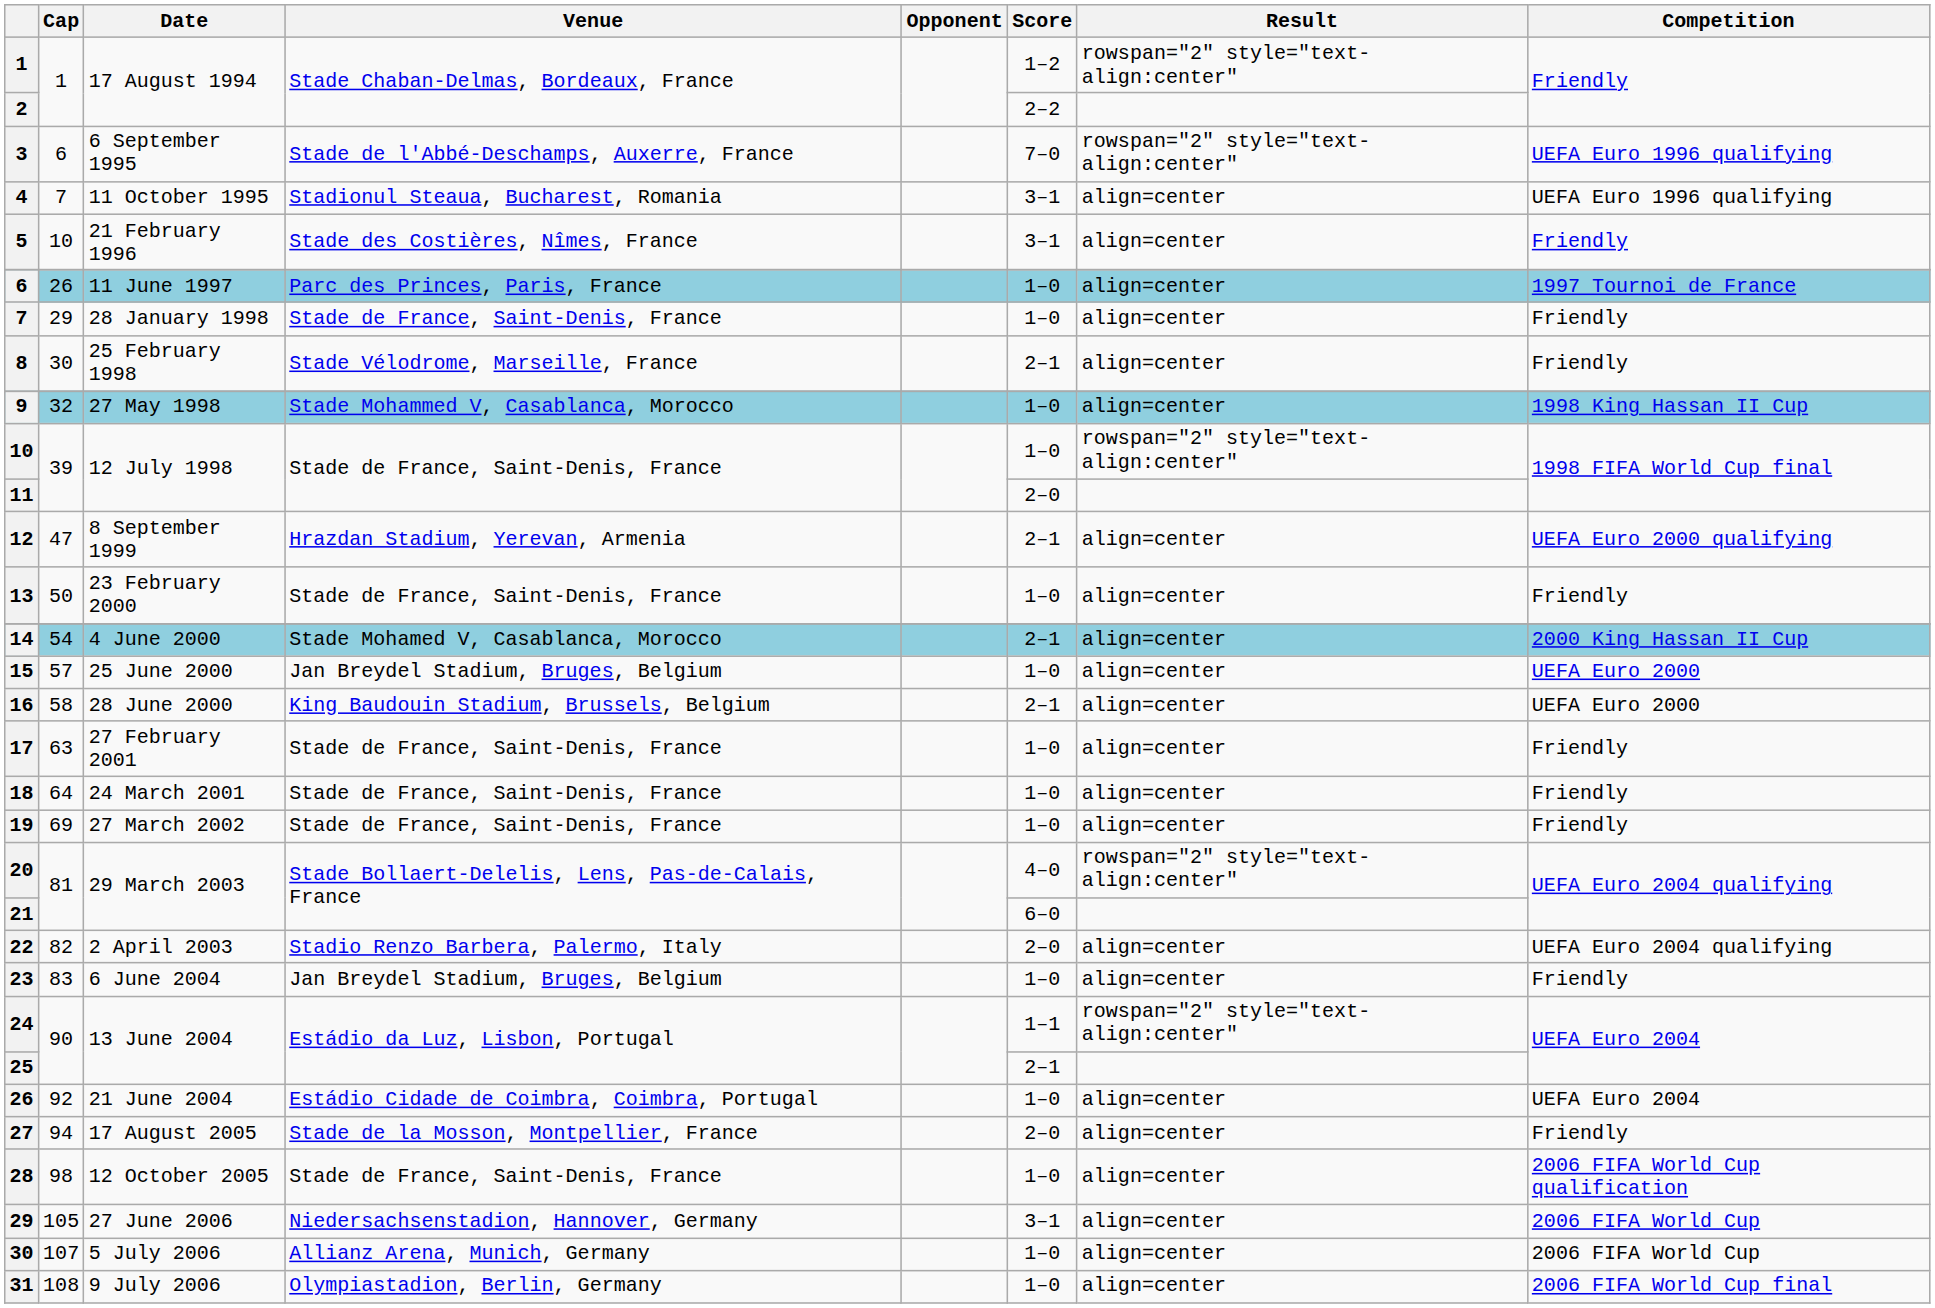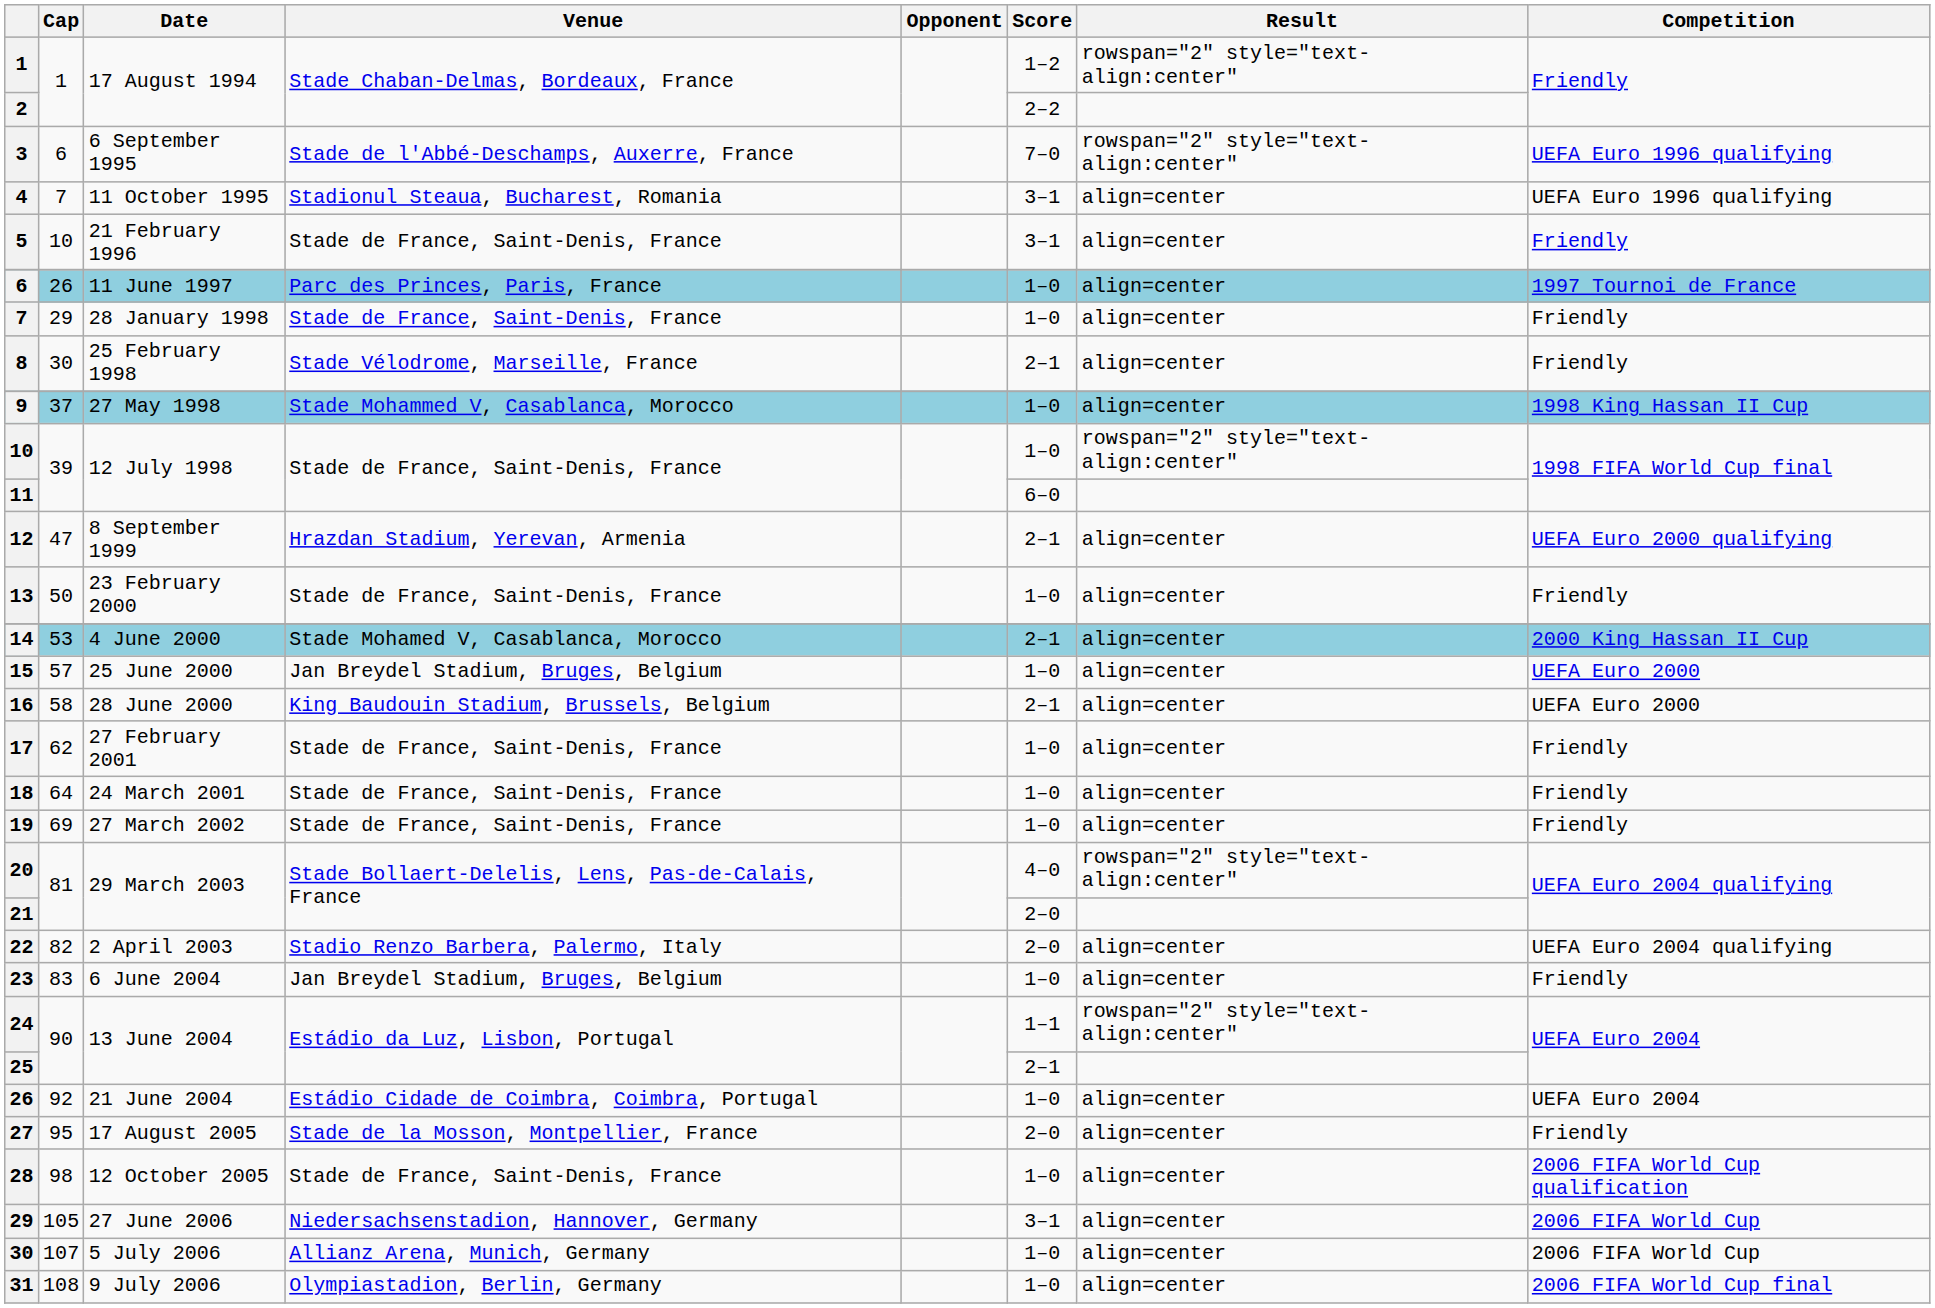 <table class="wikitable sortable">
 <tr>
 <th scope="col"></th>
 <th scope="col">Cap</th>
 <th scope="col">Date</th>
 <th scope="col">Venue</th>
 <th scope="col">Opponent</th>
 <th scope="col">Score</th>
 <th scope="col">Result</th>
 <th scope="col">Competition</th>
 </tr>
 <tr>
 <th scope="row">1</th>
 <td rowspan="2" align=center>1</td>
 <td rowspan="2">17 August 1994</td>
 <td rowspan="2"><a href='#'>Stade Chaban-Delmas</a>, <a href='#'>Bordeaux</a>, France</td>
 <td rowspan="2"></td>
 <td align=center>1–2</td>
 <td>rowspan="2" style="text-align:center" </td>
 <td rowspan="2"><a href='#'>Friendly</a></td>
 </tr>
 <tr>
 <th scope="row">2</th>
 <td align=center>2–2</td>
 </tr>
 <tr>
 <th scope="row">3</th>
 <td align=center>6</td>
 <td>6 September 1995</td>
 <td><a href='#'>Stade de l'Abbé-Deschamps</a>, <a href='#'>Auxerre</a>, France</td>
 <td></td>
 <td align=center>7–0</td>
 <td>rowspan="2" style="text-align:center" </td>
 <td><a href='#'>UEFA Euro 1996 qualifying</a></td>
 </tr>
 <tr>
 <th scope="row">4</th>
 <td align=center>7</td>
 <td>11 October 1995</td>
 <td><a href='#'>Stadionul Steaua</a>, <a href='#'>Bucharest</a>, Romania</td>
 <td></td>
 <td align=center>3–1</td>
 <td>align=center </td>
 <td>UEFA Euro 1996 qualifying</td>
 </tr>
 <tr>
 <th scope="row">5</th>
 <td align=center>10</td>
 <td>21 February 1996</td>
-<td><a href='#'>Stade des Costières</a>, <a href='#'>Nîmes</a>, France</td>
+<td>Stade de France, Saint-Denis, France</td>
 <td></td>
 <td align=center>3–1</td>
 <td>align=center </td>
 <td><a href='#'>Friendly</a></td>
 </tr>
 <tr>
 </tr>
 <tr style="background:#8fcfdf;">
 <th scope="row">6</th>
 <td align=center>26</td>
 <td>11 June 1997</td>
 <td><a href='#'>Parc des Princes</a>, <a href='#'>Paris</a>, France</td>
 <td></td>
 <td align=center>1–0</td>
 <td>align=center </td>
 <td><a href='#'>1997 Tournoi de France</a></td>
 </tr>
 <tr>
 <th scope="row">7</th>
 <td align=center>29</td>
 <td>28 January 1998</td>
 <td><a href='#'>Stade de France</a>, <a href='#'>Saint-Denis</a>, France</td>
 <td></td>
 <td align=center>1–0</td>
 <td>align=center </td>
 <td>Friendly</td>
 </tr>
 <tr>
 <th scope="row">8</th>
 <td align=center>30</td>
 <td>25 February 1998</td>
 <td><a href='#'>Stade Vélodrome</a>, <a href='#'>Marseille</a>, France</td>
 <td></td>
 <td align=center>2–1</td>
 <td>align=center </td>
 <td>Friendly</td>
 </tr>
 <tr>
 </tr>
 <tr style="background:#8fcfdf;">
 <th scope="row">9</th>
-<td align=center>32</td>
+<td align=center>37</td>
 <td>27 May 1998</td>
 <td><a href='#'>Stade Mohammed V</a>, <a href='#'>Casablanca</a>, Morocco</td>
 <td></td>
 <td align=center>1–0</td>
 <td>align=center </td>
 <td><a href='#'>1998 King Hassan II Cup</a></td>
 </tr>
 <tr>
 <th scope="row">10</th>
 <td rowspan="2" align=center>39</td>
 <td rowspan="2">12 July 1998</td>
 <td rowspan="2">Stade de France, Saint-Denis, France</td>
 <td rowspan="2"></td>
 <td align=center>1–0</td>
 <td>rowspan="2" style="text-align:center" </td>
 <td rowspan="2"><a href='#'>1998 FIFA World Cup final</a></td>
 </tr>
 <tr>
 <th scope="row">11</th>
-<td align=center>2–0</td>
+<td align=center>6–0</td>
 </tr>
 <tr>
 <th scope="row">12</th>
 <td align=center>47</td>
 <td>8 September 1999</td>
 <td><a href='#'>Hrazdan Stadium</a>, <a href='#'>Yerevan</a>, Armenia</td>
 <td></td>
 <td align="center">2–1</td>
 <td>align=center </td>
 <td><a href='#'>UEFA Euro 2000 qualifying</a></td>
 </tr>
 <tr>
 <th scope="row">13</th>
 <td align=center>50</td>
 <td>23 February 2000</td>
 <td>Stade de France, Saint-Denis, France</td>
 <td></td>
 <td align=center>1–0</td>
 <td>align=center </td>
 <td>Friendly</td>
 </tr>
 <tr>
 </tr>
 <tr style="background:#8fcfdf;">
 <th scope="row">14</th>
-<td align=center>54</td>
+<td align=center>53</td>
 <td>4 June 2000</td>
 <td>Stade Mohamed V, Casablanca, Morocco</td>
 <td></td>
 <td align=center>2–1</td>
 <td>align=center </td>
 <td><a href='#'>2000 King Hassan II Cup</a></td>
 </tr>
 <tr>
 <th scope="row">15</th>
 <td align=center>57</td>
 <td>25 June 2000</td>
 <td>Jan Breydel Stadium, <a href='#'>Bruges</a>, Belgium</td>
 <td></td>
 <td align=center>1–0</td>
 <td>align=center </td>
 <td><a href='#'>UEFA Euro 2000</a></td>
 </tr>
 <tr>
 <th scope="row">16</th>
 <td align=center>58</td>
 <td>28 June 2000</td>
 <td><a href='#'>King Baudouin Stadium</a>, <a href='#'>Brussels</a>, Belgium</td>
 <td></td>
 <td align=center>2–1</td>
 <td>align=center </td>
 <td>UEFA Euro 2000</td>
 </tr>
 <tr>
 <th scope="row">17</th>
-<td align=center>63</td>
+<td align=center>62</td>
 <td>27 February 2001</td>
 <td>Stade de France, Saint-Denis, France</td>
 <td></td>
 <td align=center>1–0</td>
 <td>align=center </td>
 <td>Friendly</td>
 </tr>
 <tr>
 <th scope="row">18</th>
 <td align=center>64</td>
 <td>24 March 2001</td>
 <td>Stade de France, Saint-Denis, France</td>
 <td></td>
 <td align=center>1–0</td>
 <td>align=center </td>
 <td>Friendly</td>
 </tr>
 <tr>
 <th scope="row">19</th>
 <td align=center>69</td>
 <td>27 March 2002</td>
 <td>Stade de France, Saint-Denis, France</td>
 <td></td>
 <td align=center>1–0</td>
 <td>align=center </td>
 <td>Friendly</td>
 </tr>
 <tr>
 <th scope="row">20</th>
 <td rowspan="2" align=center>81</td>
 <td rowspan="2">29 March 2003</td>
 <td rowspan="2"><a href='#'>Stade Bollaert-Delelis</a>, <a href='#'>Lens</a>, <a href='#'>Pas-de-Calais</a>, France</td>
 <td rowspan="2"></td>
 <td align=center>4–0</td>
 <td>rowspan="2" style="text-align:center" </td>
 <td rowspan="2"><a href='#'>UEFA Euro 2004 qualifying</a></td>
 </tr>
 <tr>
 <th scope="row">21</th>
-<td align=center>6–0</td>
+<td align=center>2–0</td>
 </tr>
 <tr>
 <th scope="row">22</th>
 <td align=center>82</td>
 <td>2 April 2003</td>
 <td><a href='#'>Stadio Renzo Barbera</a>, <a href='#'>Palermo</a>, Italy</td>
 <td></td>
 <td align=center>2–0</td>
 <td>align=center </td>
 <td>UEFA Euro 2004 qualifying</td>
 </tr>
 <tr>
 <th scope="row">23</th>
 <td align=center>83</td>
 <td>6 June 2004</td>
 <td>Jan Breydel Stadium, <a href='#'>Bruges</a>, Belgium</td>
 <td></td>
 <td align=center>1–0</td>
 <td>align=center </td>
 <td>Friendly</td>
 </tr>
 <tr>
 <th scope="row">24</th>
 <td rowspan="2" align=center>90</td>
 <td rowspan="2">13 June 2004</td>
 <td rowspan="2"><a href='#'>Estádio da Luz</a>, <a href='#'>Lisbon</a>, Portugal</td>
 <td rowspan="2"></td>
 <td align=center>1–1</td>
 <td>rowspan="2" style="text-align:center" </td>
 <td rowspan="2"><a href='#'>UEFA Euro 2004</a></td>
 </tr>
 <tr>
 <th scope="row">25</th>
 <td align=center>2–1</td>
 </tr>
 <tr>
 <th scope="row">26</th>
 <td align=center>92</td>
 <td>21 June 2004</td>
 <td><a href='#'>Estádio Cidade de Coimbra</a>, <a href='#'>Coimbra</a>, Portugal</td>
 <td></td>
 <td align=center>1–0</td>
 <td>align=center </td>
 <td>UEFA Euro 2004</td>
 </tr>
 <tr>
 <th scope="row">27</th>
-<td align=center>94</td>
+<td align=center>95</td>
 <td>17 August 2005</td>
 <td><a href='#'>Stade de la Mosson</a>, <a href='#'>Montpellier</a>, France</td>
 <td></td>
 <td align=center>2–0</td>
 <td>align=center </td>
 <td>Friendly</td>
 </tr>
 <tr>
 <th scope="row">28</th>
 <td align=center>98</td>
 <td>12 October 2005</td>
 <td>Stade de France, Saint-Denis, France</td>
 <td></td>
 <td align=center>1–0</td>
 <td>align=center </td>
 <td><a href='#'>2006 FIFA World Cup qualification</a></td>
 </tr>
 <tr>
 <th scope="row">29</th>
 <td align=center>105</td>
 <td>27 June 2006</td>
 <td><a href='#'>Niedersachsenstadion</a>, <a href='#'>Hannover</a>, Germany</td>
 <td></td>
 <td align=center>3–1</td>
 <td>align=center </td>
 <td><a href='#'>2006 FIFA World Cup</a></td>
 </tr>
 <tr>
 <th scope="row">30</th>
 <td align=center>107</td>
 <td>5 July 2006</td>
 <td><a href='#'>Allianz Arena</a>, <a href='#'>Munich</a>, Germany</td>
 <td></td>
 <td align=center>1–0</td>
 <td>align=center </td>
 <td>2006 FIFA World Cup</td>
 </tr>
 <tr>
 <th scope="row">31</th>
 <td align=center>108</td>
 <td>9 July 2006</td>
 <td><a href='#'>Olympiastadion</a>, <a href='#'>Berlin</a>, Germany</td>
 <td></td>
 <td align=center>1–0</td>
 <td>align=center <br></td>
 <td><a href='#'>2006 FIFA World Cup final</a></td>
 </tr>
 </table>
